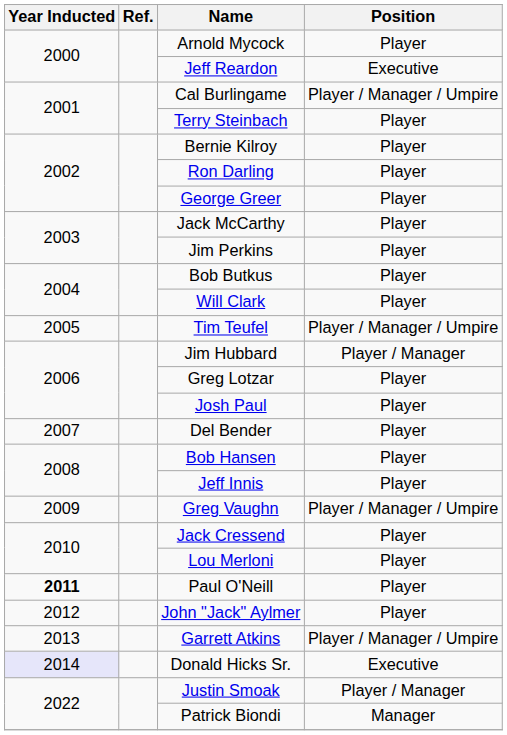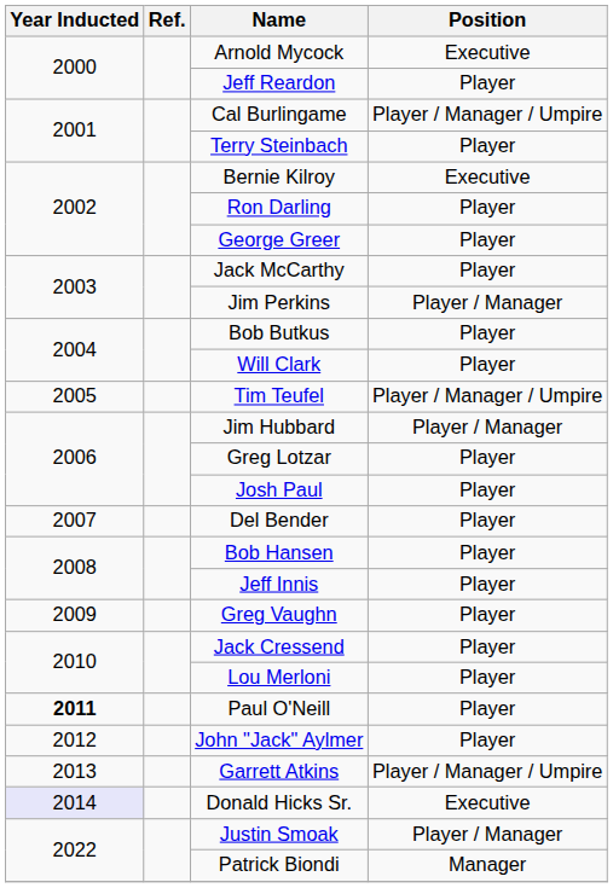 <table class="wikitable" style="text-align:center">
 <tr>
 <th>Year Inducted</th>
 <th>Ref.</th>
 <th>Name</th>
 <th>Position</th>
 </tr>
 <tr>
 <td rowspan="2">2000</td>
 <td rowspan="2"></td>
 <td>Arnold Mycock</td>
-<td>Player</td>
+<td>Executive</td>
 </tr>
 <tr>
 <td><a href='#'>Jeff Reardon</a></td>
-<td>Executive</td>
+<td>Player</td>
 </tr>
 <tr>
 <td rowspan="2">2001</td>
 <td rowspan="2"></td>
 <td>Cal Burlingame</td>
 <td>Player / Manager / Umpire</td>
 </tr>
 <tr>
 <td><a href='#'>Terry Steinbach</a></td>
 <td>Player</td>
 </tr>
 <tr>
 <td rowspan="3">2002</td>
 <td rowspan="3"></td>
 <td>Bernie Kilroy</td>
-<td>Player</td>
+<td>Executive</td>
 </tr>
 <tr>
 <td><a href='#'>Ron Darling</a></td>
 <td>Player</td>
 </tr>
 <tr>
 <td><a href='#'>George Greer</a></td>
 <td>Player</td>
 </tr>
 <tr>
 <td rowspan="2">2003</td>
 <td rowspan="2"></td>
 <td>Jack McCarthy</td>
 <td>Player</td>
 </tr>
 <tr>
 <td>Jim Perkins</td>
-<td>Player</td>
+<td>Player / Manager</td>
 </tr>
 <tr>
 <td rowspan="2">2004</td>
 <td rowspan="2"></td>
 <td>Bob Butkus</td>
 <td>Player</td>
 </tr>
 <tr>
 <td><a href='#'>Will Clark</a></td>
 <td>Player</td>
 </tr>
 <tr>
 <td>2005</td>
 <td></td>
 <td><a href='#'>Tim Teufel</a></td>
 <td>Player / Manager / Umpire</td>
 </tr>
 <tr>
 <td rowspan="3">2006</td>
 <td rowspan="3"></td>
 <td>Jim Hubbard</td>
 <td>Player / Manager</td>
 </tr>
 <tr>
 <td>Greg Lotzar</td>
 <td>Player</td>
 </tr>
 <tr>
 <td><a href='#'>Josh Paul</a></td>
 <td>Player</td>
 </tr>
 <tr>
 <td>2007</td>
 <td></td>
 <td>Del Bender</td>
 <td>Player</td>
 </tr>
 <tr>
 <td rowspan="2">2008</td>
 <td rowspan="2"></td>
 <td><a href='#'>Bob Hansen</a></td>
 <td>Player</td>
 </tr>
 <tr>
 <td><a href='#'>Jeff Innis</a></td>
 <td>Player</td>
 </tr>
 <tr>
 <td>2009</td>
 <td></td>
 <td><a href='#'>Greg Vaughn</a></td>
-<td>Player / Manager / Umpire</td>
+<td>Player</td>
 </tr>
 <tr>
 <td rowspan="2">2010</td>
 <td rowspan="2"></td>
 <td><a href='#'>Jack Cressend</a></td>
 <td>Player</td>
 </tr>
 <tr>
 <td><a href='#'>Lou Merloni</a></td>
 <td>Player</td>
 </tr>
 <tr>
 <td><strong>2011</strong></td>
 <td></td>
 <td>Paul O'Neill</td>
 <td>Player</td>
 </tr>
 <tr>
 <td>2012</td>
 <td></td>
 <td><a href='#'>John "Jack" Aylmer</a></td>
 <td>Player</td>
 </tr>
 <tr>
 <td>2013</td>
 <td></td>
 <td><a href='#'>Garrett Atkins</a></td>
 <td>Player / Manager / Umpire</td>
 </tr>
 <tr>
 <td style="background: lavender;">2014</td>
 <td></td>
 <td>Donald Hicks Sr.</td>
 <td>Executive</td>
 </tr>
 <tr>
 <td rowspan="2">2022</td>
 <td rowspan="2"></td>
 <td><a href='#'>Justin Smoak</a></td>
 <td>Player / Manager</td>
 </tr>
 <tr>
 <td>Patrick Biondi</td>
 <td>Manager</td>
 </tr>
 <tr>
 </tr>
 </table>
